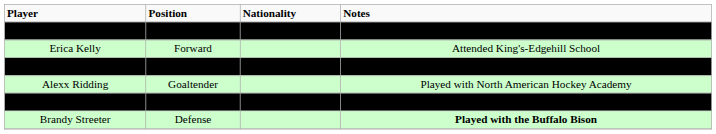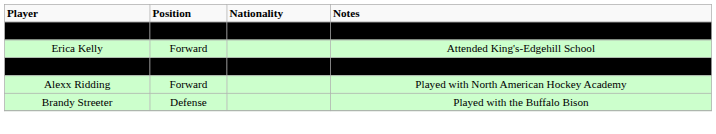 <table class="wikitable" width="80%">
 <tr>
 <td><strong>Player</strong></td>
 <td><strong>Position</strong></td>
 <td><strong>Nationality</strong></td>
 <td><strong>Notes</strong></td>
 </tr>
 <tr align="center" bgcolor=" ">
 <td>Hannah Erickson</td>
-<td>Goaltender</td>
+<td>Forward</td>
 <td></td>
 <td>Former Goalie with Barrie Jr. Sharks</td>
 </tr>
 <tr align="center" bgcolor="#ccffcc">
 <td>Erica Kelly</td>
 <td>Forward</td>
 <td></td>
 <td>Attended King's-Edgehill School</td>
 </tr>
 <tr align="center" bgcolor=" ">
 <td>Caitlin McLaren</td>
-<td>Defense</td>
+<td>Forward</td>
 <td></td>
 <td>Played with the Ottawa Lady Senators</td>
 </tr>
 <tr align="center" bgcolor="#ccffcc">
 <td>Alexx Ridding</td>
-<td>Goaltender</td>
+<td>Forward</td>
 <td></td>
 <td>Played with North American Hockey Academy</td>
-</tr>
-<tr align="center" bgcolor=" ">
-<td>Nicole Russell</td>
-<td>Forward</td>
-<td></td>
-<td>Played for Detroit Honeybaked</td>
 </tr>
 <tr align="center" bgcolor="#ccffcc">
 <td>Brandy Streeter</td>
 <td>Defense</td>
 <td></td>
-<td><strong>Played with the Buffalo Bison</strong></td>
+<td>Played with the Buffalo Bison</td>
 </tr>
 <tr align="center" bgcolor=" ">
 </tr>
 </table>
